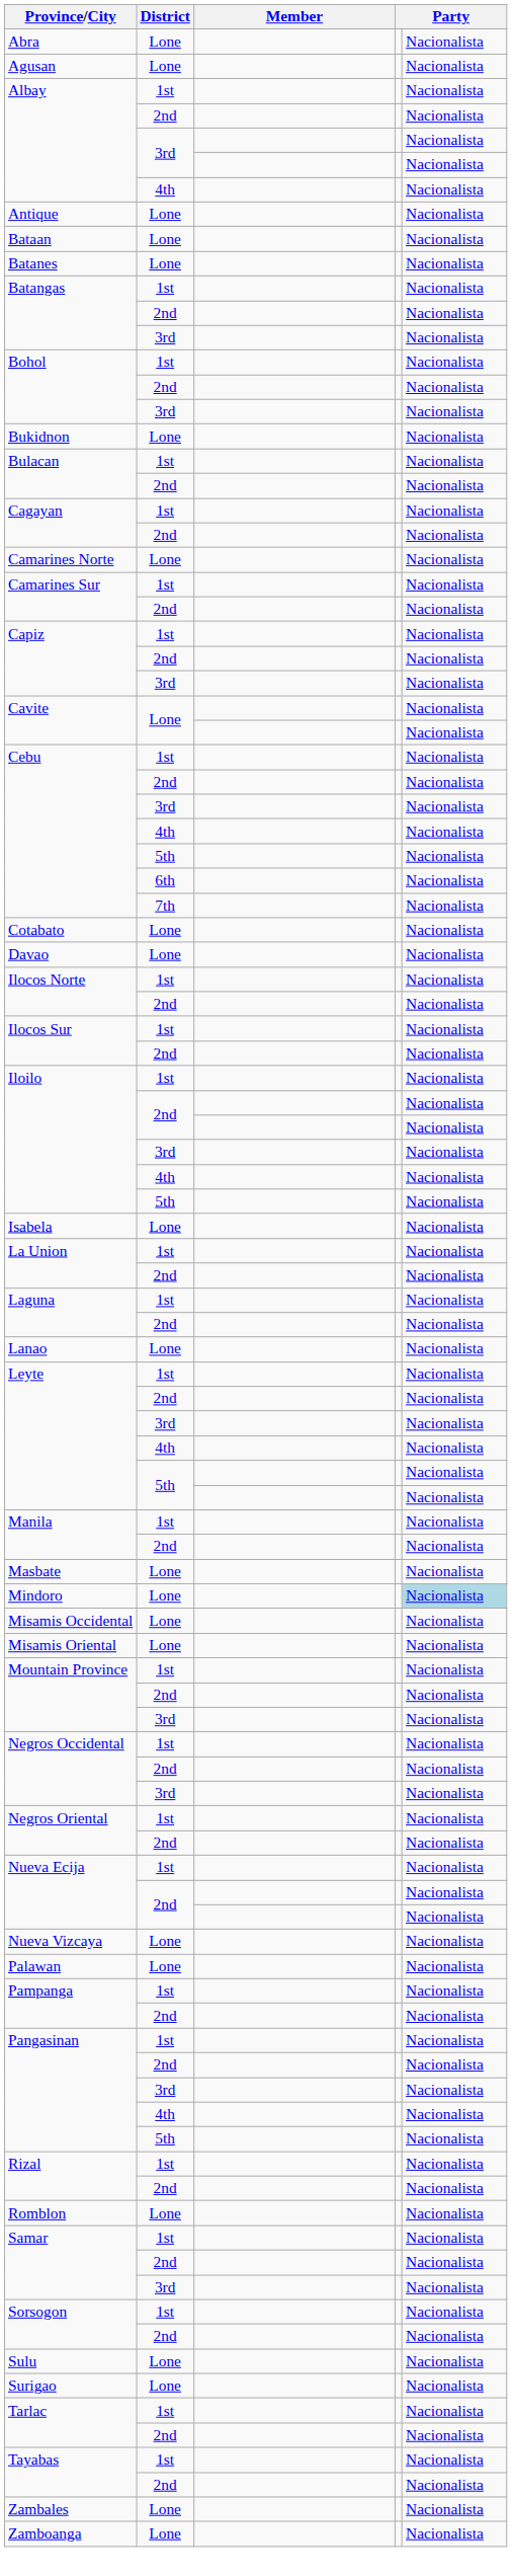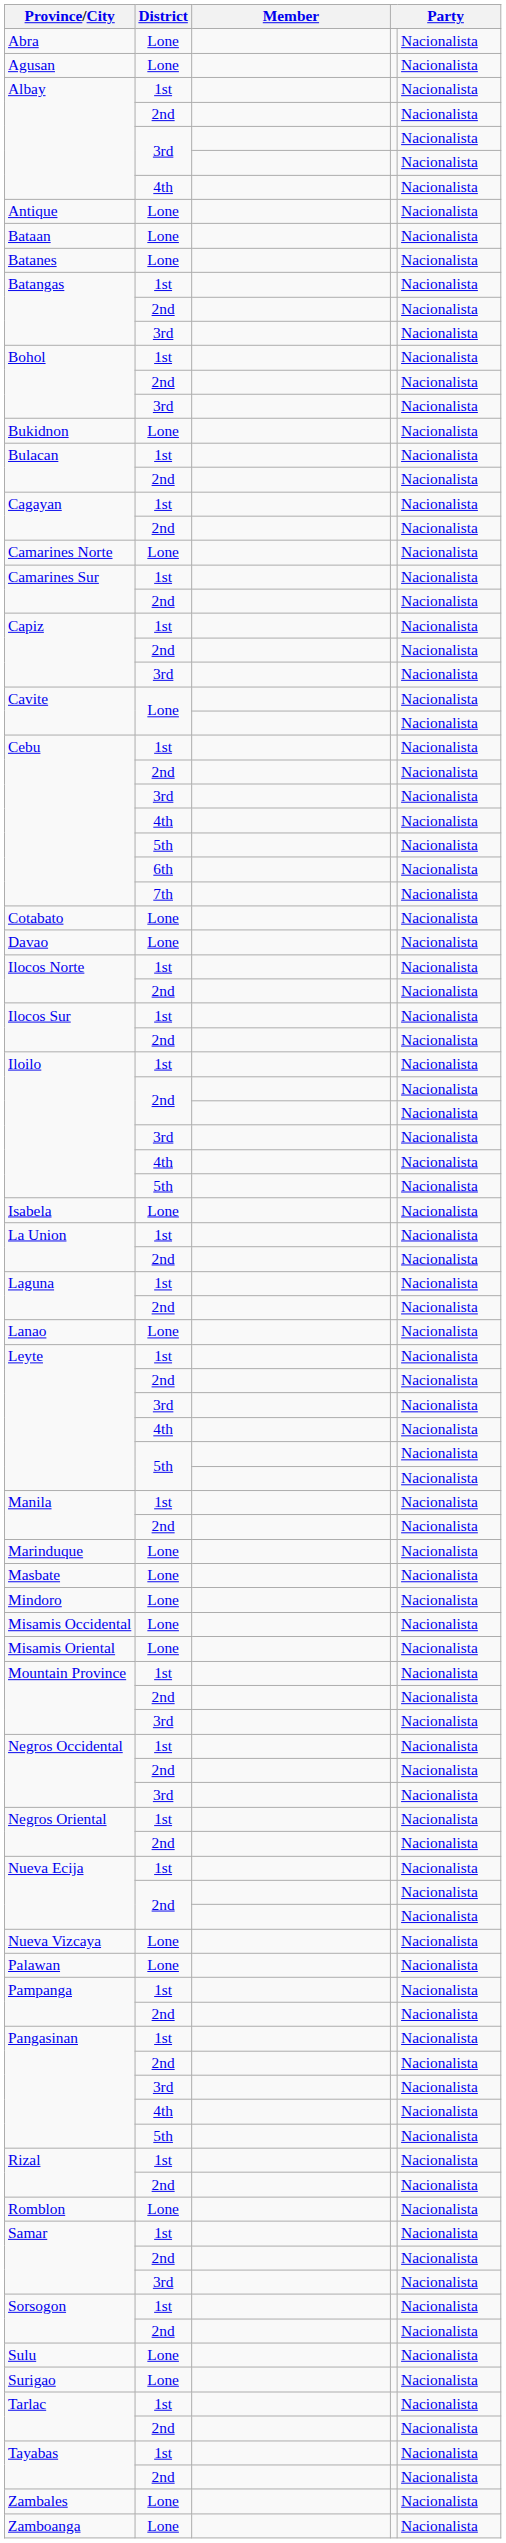 <table class="wikitable sortable">
 <tr>
 <th><a href='#'>Province</a>/<a href='#'>City</a></th>
 <th><a href='#'>District</a></th>
 <th width="200px"><a href='#'>Member</a></th>
 <th colspan="2"><a href='#'>Party</a></th>
 </tr>
 <tr>
 <td valign="top"><a href='#'>Abra</a></td>
 <td align="center"><a href='#'>Lone</a></td>
 <td></td>
 <td></td>
 <td width="100px"><a href='#'>Nacionalista</a></td>
 </tr>
 <tr>
 <td valign="top"><a href='#'>Agusan</a></td>
 <td align="center"><a href='#'>Lone</a></td>
 <td></td>
 <td></td>
 <td><a href='#'>Nacionalista</a></td>
 </tr>
 <tr>
 <td rowspan="5" valign="top"><a href='#'>Albay</a></td>
 <td align="center"><a href='#'>1st</a></td>
 <td></td>
 <td></td>
 <td><a href='#'>Nacionalista</a></td>
 </tr>
 <tr>
 <td align="center"><a href='#'>2nd</a></td>
 <td></td>
 <td></td>
 <td><a href='#'>Nacionalista</a></td>
 </tr>
 <tr>
 <td rowspan="2" align="center"><a href='#'>3rd</a></td>
 <td></td>
 <td></td>
 <td><a href='#'>Nacionalista</a></td>
 </tr>
 <tr>
 <td></td>
 <td></td>
 <td><a href='#'>Nacionalista</a></td>
 </tr>
 <tr>
 <td align="center"><a href='#'>4th</a></td>
 <td></td>
 <td></td>
 <td><a href='#'>Nacionalista</a></td>
 </tr>
 <tr>
 <td><a href='#'>Antique</a></td>
 <td align="center"><a href='#'>Lone</a></td>
 <td></td>
 <td></td>
 <td><a href='#'>Nacionalista</a></td>
 </tr>
 <tr>
 <td valign="top"><a href='#'>Bataan</a></td>
 <td align="center"><a href='#'>Lone</a></td>
 <td></td>
 <td></td>
 <td><a href='#'>Nacionalista</a></td>
 </tr>
 <tr>
 <td valign="top"><a href='#'>Batanes</a></td>
 <td align="center"><a href='#'>Lone</a></td>
 <td></td>
 <td></td>
 <td><a href='#'>Nacionalista</a></td>
 </tr>
 <tr>
 <td rowspan="3" valign="top"><a href='#'>Batangas</a></td>
 <td align="center"><a href='#'>1st</a></td>
 <td></td>
 <td></td>
 <td><a href='#'>Nacionalista</a></td>
 </tr>
 <tr>
 <td align="center"><a href='#'>2nd</a></td>
 <td></td>
 <td></td>
 <td><a href='#'>Nacionalista</a></td>
 </tr>
 <tr>
 <td align="center"><a href='#'>3rd</a></td>
 <td></td>
 <td></td>
 <td><a href='#'>Nacionalista</a></td>
 </tr>
 <tr>
 <td rowspan="3" valign="top"><a href='#'>Bohol</a></td>
 <td align="center"><a href='#'>1st</a></td>
 <td></td>
 <td></td>
 <td><a href='#'>Nacionalista</a></td>
 </tr>
 <tr>
 <td align="center"><a href='#'>2nd</a></td>
 <td></td>
 <td></td>
 <td><a href='#'>Nacionalista</a></td>
 </tr>
 <tr>
 <td align="center"><a href='#'>3rd</a></td>
 <td></td>
 <td></td>
 <td><a href='#'>Nacionalista</a></td>
 </tr>
 <tr>
 <td valign="top"><a href='#'>Bukidnon</a></td>
 <td align="center"><a href='#'>Lone</a></td>
 <td></td>
 <td></td>
 <td><a href='#'>Nacionalista</a></td>
 </tr>
 <tr>
 <td rowspan="2" valign="top"><a href='#'>Bulacan</a></td>
 <td align="center"><a href='#'>1st</a></td>
 <td></td>
 <td></td>
 <td><a href='#'>Nacionalista</a></td>
 </tr>
 <tr>
 <td align="center"><a href='#'>2nd</a></td>
 <td></td>
 <td></td>
 <td><a href='#'>Nacionalista</a></td>
 </tr>
 <tr>
 <td rowspan="2" valign="top"><a href='#'>Cagayan</a></td>
 <td align="center"><a href='#'>1st</a></td>
 <td></td>
 <td></td>
 <td><a href='#'>Nacionalista</a></td>
 </tr>
 <tr>
 <td align="center"><a href='#'>2nd</a></td>
 <td></td>
 <td></td>
 <td><a href='#'>Nacionalista</a></td>
 </tr>
 <tr>
 <td valign="top"><a href='#'>Camarines Norte</a></td>
 <td align="center"><a href='#'>Lone</a></td>
 <td></td>
 <td></td>
 <td><a href='#'>Nacionalista</a></td>
 </tr>
 <tr>
 <td rowspan="2" valign="top"><a href='#'>Camarines Sur</a></td>
 <td align="center"><a href='#'>1st</a></td>
 <td></td>
 <td></td>
 <td><a href='#'>Nacionalista</a></td>
 </tr>
 <tr>
 <td align="center"><a href='#'>2nd</a></td>
 <td></td>
 <td></td>
 <td><a href='#'>Nacionalista</a></td>
 </tr>
 <tr>
 <td rowspan="3" valign="top"><a href='#'>Capiz</a></td>
 <td align="center"><a href='#'>1st</a></td>
 <td></td>
 <td></td>
 <td><a href='#'>Nacionalista</a></td>
 </tr>
 <tr>
 <td align="center"><a href='#'>2nd</a></td>
 <td></td>
 <td></td>
 <td><a href='#'>Nacionalista</a></td>
 </tr>
 <tr>
 <td align="center"><a href='#'>3rd</a></td>
 <td></td>
 <td></td>
 <td><a href='#'>Nacionalista</a></td>
 </tr>
 <tr>
 <td rowspan="2" valign="top"><a href='#'>Cavite</a></td>
 <td rowspan="2" align="center"><a href='#'>Lone</a></td>
 <td></td>
 <td></td>
 <td><a href='#'>Nacionalista</a></td>
 </tr>
 <tr>
 <td></td>
 <td></td>
 <td><a href='#'>Nacionalista</a></td>
 </tr>
 <tr>
 <td rowspan="7" valign="top"><a href='#'>Cebu</a></td>
 <td align="center"><a href='#'>1st</a></td>
 <td></td>
 <td></td>
 <td><a href='#'>Nacionalista</a></td>
 </tr>
 <tr>
 <td align="center"><a href='#'>2nd</a></td>
 <td></td>
 <td></td>
 <td><a href='#'>Nacionalista</a></td>
 </tr>
 <tr>
 <td align="center"><a href='#'>3rd</a></td>
 <td></td>
 <td></td>
 <td><a href='#'>Nacionalista</a></td>
 </tr>
 <tr>
 <td align="center"><a href='#'>4th</a></td>
 <td></td>
 <td></td>
 <td><a href='#'>Nacionalista</a></td>
 </tr>
 <tr>
 <td align="center"><a href='#'>5th</a></td>
 <td></td>
 <td></td>
 <td><a href='#'>Nacionalista</a></td>
 </tr>
 <tr>
 <td align="center"><a href='#'>6th</a></td>
 <td></td>
 <td></td>
 <td><a href='#'>Nacionalista</a></td>
 </tr>
 <tr>
 <td align="center"><a href='#'>7th</a></td>
 <td></td>
 <td></td>
 <td><a href='#'>Nacionalista</a></td>
 </tr>
 <tr>
 <td valign="top"><a href='#'>Cotabato</a></td>
 <td align="center"><a href='#'>Lone</a></td>
 <td></td>
 <td></td>
 <td><a href='#'>Nacionalista</a></td>
 </tr>
 <tr>
 <td valign="top"><a href='#'>Davao</a></td>
 <td align="center"><a href='#'>Lone</a></td>
 <td></td>
 <td></td>
 <td><a href='#'>Nacionalista</a></td>
 </tr>
 <tr>
 <td rowspan="2" valign="top"><a href='#'>Ilocos Norte</a></td>
 <td align="center"><a href='#'>1st</a></td>
 <td></td>
 <td></td>
 <td><a href='#'>Nacionalista</a></td>
 </tr>
 <tr>
 <td align="center"><a href='#'>2nd</a></td>
 <td></td>
 <td></td>
 <td><a href='#'>Nacionalista</a></td>
 </tr>
 <tr>
 <td rowspan="2" valign="top"><a href='#'>Ilocos Sur</a></td>
 <td align="center"><a href='#'>1st</a></td>
 <td></td>
 <td></td>
 <td><a href='#'>Nacionalista</a></td>
 </tr>
 <tr>
 <td align="center"><a href='#'>2nd</a></td>
 <td></td>
 <td></td>
 <td><a href='#'>Nacionalista</a></td>
 </tr>
 <tr>
 <td rowspan="6" valign="top"><a href='#'>Iloilo</a></td>
 <td align="center"><a href='#'>1st</a></td>
 <td></td>
 <td></td>
 <td><a href='#'>Nacionalista</a></td>
 </tr>
 <tr>
 <td rowspan="2" align="center"><a href='#'>2nd</a></td>
 <td></td>
 <td></td>
 <td><a href='#'>Nacionalista</a></td>
 </tr>
 <tr>
 <td></td>
 <td></td>
 <td><a href='#'>Nacionalista</a></td>
 </tr>
 <tr>
 <td align="center"><a href='#'>3rd</a></td>
 <td></td>
 <td></td>
 <td><a href='#'>Nacionalista</a></td>
 </tr>
 <tr>
 <td align="center"><a href='#'>4th</a></td>
 <td></td>
 <td></td>
 <td><a href='#'>Nacionalista</a></td>
 </tr>
 <tr>
 <td align="center"><a href='#'>5th</a></td>
 <td></td>
 <td></td>
 <td><a href='#'>Nacionalista</a></td>
 </tr>
 <tr>
 <td valign="top"><a href='#'>Isabela</a></td>
 <td align="center"><a href='#'>Lone</a></td>
 <td></td>
 <td></td>
 <td><a href='#'>Nacionalista</a></td>
 </tr>
 <tr>
 <td rowspan="2" valign="top"><a href='#'>La Union</a></td>
 <td align="center"><a href='#'>1st</a></td>
 <td></td>
 <td></td>
 <td><a href='#'>Nacionalista</a></td>
 </tr>
 <tr>
 <td align="center"><a href='#'>2nd</a></td>
 <td></td>
 <td></td>
 <td><a href='#'>Nacionalista</a></td>
 </tr>
 <tr>
 <td rowspan="2" valign="top"><a href='#'>Laguna</a></td>
 <td align="center"><a href='#'>1st</a></td>
 <td></td>
 <td></td>
 <td><a href='#'>Nacionalista</a></td>
 </tr>
 <tr>
 <td align="center"><a href='#'>2nd</a></td>
 <td></td>
 <td></td>
 <td><a href='#'>Nacionalista</a></td>
 </tr>
 <tr>
 <td valign="top"><a href='#'>Lanao</a></td>
 <td align="center"><a href='#'>Lone</a></td>
 <td></td>
 <td></td>
 <td><a href='#'>Nacionalista</a></td>
 </tr>
 <tr>
 <td rowspan="6" valign="top"><a href='#'>Leyte</a></td>
 <td align="center"><a href='#'>1st</a></td>
 <td></td>
 <td></td>
 <td><a href='#'>Nacionalista</a></td>
 </tr>
 <tr>
 <td align="center"><a href='#'>2nd</a></td>
 <td></td>
 <td></td>
 <td><a href='#'>Nacionalista</a></td>
 </tr>
 <tr>
 <td align="center"><a href='#'>3rd</a></td>
 <td></td>
 <td></td>
 <td><a href='#'>Nacionalista</a></td>
 </tr>
 <tr>
 <td align="center"><a href='#'>4th</a></td>
 <td></td>
 <td></td>
 <td><a href='#'>Nacionalista</a></td>
 </tr>
 <tr>
 <td rowspan="2" align="center"><a href='#'>5th</a></td>
 <td></td>
 <td></td>
 <td><a href='#'>Nacionalista</a></td>
 </tr>
 <tr>
 <td></td>
 <td></td>
 <td><a href='#'>Nacionalista</a></td>
 </tr>
 <tr>
 <td rowspan="2" valign="top"><a href='#'>Manila</a></td>
 <td align="center"><a href='#'>1st</a></td>
 <td></td>
 <td></td>
 <td><a href='#'>Nacionalista</a></td>
 </tr>
 <tr>
 <td align="center"><a href='#'>2nd</a></td>
 <td></td>
 <td></td>
 <td><a href='#'>Nacionalista</a></td>
 </tr>
 <tr>
+<td valign="top"><a href='#'>Marinduque</a></td>
+<td align="center"><a href='#'>Lone</a></td>
+<td></td>
+<td></td>
+<td><a href='#'>Nacionalista</a></td>
+</tr>
+<tr>
 <td valign="top"><a href='#'>Masbate</a></td>
 <td align="center"><a href='#'>Lone</a></td>
 <td></td>
 <td></td>
 <td><a href='#'>Nacionalista</a></td>
 </tr>
 <tr>
 <td valign="top"><a href='#'>Mindoro</a></td>
 <td align="center"><a href='#'>Lone</a></td>
 <td></td>
 <td></td>
-<td style="background: lightblue;"><a href='#'>Nacionalista</a></td>
+<td><a href='#'>Nacionalista</a></td>
 </tr>
 <tr>
 <td valign="top"><a href='#'>Misamis Occidental</a></td>
 <td align="center"><a href='#'>Lone</a></td>
 <td></td>
 <td></td>
 <td><a href='#'>Nacionalista</a></td>
 </tr>
 <tr>
 <td valign="top"><a href='#'>Misamis Oriental</a></td>
 <td align="center"><a href='#'>Lone</a></td>
 <td></td>
 <td></td>
 <td><a href='#'>Nacionalista</a></td>
 </tr>
 <tr>
 <td rowspan="3" valign="top"><a href='#'>Mountain Province</a></td>
 <td align="center"><a href='#'>1st</a></td>
 <td></td>
 <td></td>
 <td><a href='#'>Nacionalista</a></td>
 </tr>
 <tr>
 <td align="center"><a href='#'>2nd</a></td>
 <td></td>
 <td></td>
 <td><a href='#'>Nacionalista</a></td>
 </tr>
 <tr>
 <td align="center"><a href='#'>3rd</a></td>
 <td></td>
 <td></td>
 <td><a href='#'>Nacionalista</a></td>
 </tr>
 <tr>
 <td rowspan="3" valign="top"><a href='#'>Negros Occidental</a></td>
 <td align="center"><a href='#'>1st</a></td>
 <td></td>
 <td></td>
 <td><a href='#'>Nacionalista</a></td>
 </tr>
 <tr>
 <td align="center"><a href='#'>2nd</a></td>
 <td></td>
 <td></td>
 <td><a href='#'>Nacionalista</a></td>
 </tr>
 <tr>
 <td align="center"><a href='#'>3rd</a></td>
 <td></td>
 <td></td>
 <td><a href='#'>Nacionalista</a></td>
 </tr>
 <tr>
 <td rowspan="2" valign="top"><a href='#'>Negros Oriental</a></td>
 <td align="center"><a href='#'>1st</a></td>
 <td></td>
 <td></td>
 <td><a href='#'>Nacionalista</a></td>
 </tr>
 <tr>
 <td align="center"><a href='#'>2nd</a></td>
 <td></td>
 <td></td>
 <td><a href='#'>Nacionalista</a></td>
 </tr>
 <tr>
 <td rowspan="3" valign="top"><a href='#'>Nueva Ecija</a></td>
 <td align="center"><a href='#'>1st</a></td>
 <td></td>
 <td></td>
 <td><a href='#'>Nacionalista</a></td>
 </tr>
 <tr>
 <td rowspan="2" align="center"><a href='#'>2nd</a></td>
 <td></td>
 <td></td>
 <td><a href='#'>Nacionalista</a></td>
 </tr>
 <tr>
 <td></td>
 <td></td>
 <td><a href='#'>Nacionalista</a></td>
 </tr>
 <tr>
 <td valign="top"><a href='#'>Nueva Vizcaya</a></td>
 <td align="center"><a href='#'>Lone</a></td>
 <td></td>
 <td></td>
 <td><a href='#'>Nacionalista</a></td>
 </tr>
 <tr>
 <td valign="top"><a href='#'>Palawan</a></td>
 <td align="center"><a href='#'>Lone</a></td>
 <td></td>
 <td></td>
 <td><a href='#'>Nacionalista</a></td>
 </tr>
 <tr>
 <td rowspan="2" valign="top"><a href='#'>Pampanga</a></td>
 <td align="center"><a href='#'>1st</a></td>
 <td></td>
 <td></td>
 <td><a href='#'>Nacionalista</a></td>
 </tr>
 <tr>
 <td align="center"><a href='#'>2nd</a></td>
 <td></td>
 <td></td>
 <td><a href='#'>Nacionalista</a></td>
 </tr>
 <tr>
 <td rowspan="5" valign="top"><a href='#'>Pangasinan</a></td>
 <td align="center"><a href='#'>1st</a></td>
 <td></td>
 <td></td>
 <td><a href='#'>Nacionalista</a></td>
 </tr>
 <tr>
 <td align="center"><a href='#'>2nd</a></td>
 <td></td>
 <td></td>
 <td><a href='#'>Nacionalista</a></td>
 </tr>
 <tr>
 <td align="center"><a href='#'>3rd</a></td>
 <td></td>
 <td></td>
 <td><a href='#'>Nacionalista</a></td>
 </tr>
 <tr>
 <td align="center"><a href='#'>4th</a></td>
 <td></td>
 <td></td>
 <td><a href='#'>Nacionalista</a></td>
 </tr>
 <tr>
 <td align="center"><a href='#'>5th</a></td>
 <td></td>
 <td></td>
 <td><a href='#'>Nacionalista</a></td>
 </tr>
 <tr>
 <td rowspan="2" valign="top"><a href='#'>Rizal</a></td>
 <td align="center"><a href='#'>1st</a></td>
 <td></td>
 <td></td>
 <td><a href='#'>Nacionalista</a></td>
 </tr>
 <tr>
 <td align="center"><a href='#'>2nd</a></td>
 <td></td>
 <td></td>
 <td><a href='#'>Nacionalista</a></td>
 </tr>
 <tr>
 <td valign="top"><a href='#'>Romblon</a></td>
 <td align="center"><a href='#'>Lone</a></td>
 <td></td>
 <td></td>
 <td><a href='#'>Nacionalista</a></td>
 </tr>
 <tr>
 <td rowspan="3" valign="top"><a href='#'>Samar</a></td>
 <td align="center"><a href='#'>1st</a></td>
 <td></td>
 <td></td>
 <td><a href='#'>Nacionalista</a></td>
 </tr>
 <tr>
 <td align="center"><a href='#'>2nd</a></td>
 <td></td>
 <td></td>
 <td><a href='#'>Nacionalista</a></td>
 </tr>
 <tr>
 <td align="center"><a href='#'>3rd</a></td>
 <td></td>
 <td></td>
 <td><a href='#'>Nacionalista</a></td>
 </tr>
 <tr>
 <td rowspan="2" valign="top"><a href='#'>Sorsogon</a></td>
 <td align="center"><a href='#'>1st</a></td>
 <td></td>
 <td></td>
 <td><a href='#'>Nacionalista</a></td>
 </tr>
 <tr>
 <td align="center"><a href='#'>2nd</a></td>
 <td></td>
 <td></td>
 <td><a href='#'>Nacionalista</a></td>
 </tr>
 <tr>
 <td valign="top"><a href='#'>Sulu</a></td>
 <td align="center"><a href='#'>Lone</a></td>
 <td></td>
 <td></td>
 <td><a href='#'>Nacionalista</a></td>
 </tr>
 <tr>
 <td valign="top"><a href='#'>Surigao</a></td>
 <td align="center"><a href='#'>Lone</a></td>
 <td></td>
 <td></td>
 <td><a href='#'>Nacionalista</a></td>
 </tr>
 <tr>
 <td rowspan="2" valign="top"><a href='#'>Tarlac</a></td>
 <td align="center"><a href='#'>1st</a></td>
 <td></td>
 <td></td>
 <td><a href='#'>Nacionalista</a></td>
 </tr>
 <tr>
 <td align="center"><a href='#'>2nd</a></td>
 <td></td>
 <td></td>
 <td><a href='#'>Nacionalista</a></td>
 </tr>
 <tr>
 <td rowspan="2" valign="top"><a href='#'>Tayabas</a></td>
 <td align="center"><a href='#'>1st</a></td>
 <td></td>
 <td></td>
 <td><a href='#'>Nacionalista</a></td>
 </tr>
 <tr>
 <td align="center"><a href='#'>2nd</a></td>
 <td></td>
 <td></td>
 <td><a href='#'>Nacionalista</a></td>
 </tr>
 <tr>
 <td valign="top"><a href='#'>Zambales</a></td>
 <td align="center"><a href='#'>Lone</a></td>
 <td></td>
 <td></td>
 <td><a href='#'>Nacionalista</a></td>
 </tr>
 <tr>
 <td valign="top"><a href='#'>Zamboanga</a></td>
 <td align="center"><a href='#'>Lone</a></td>
 <td></td>
 <td></td>
 <td><a href='#'>Nacionalista</a></td>
 </tr>
 </table>
